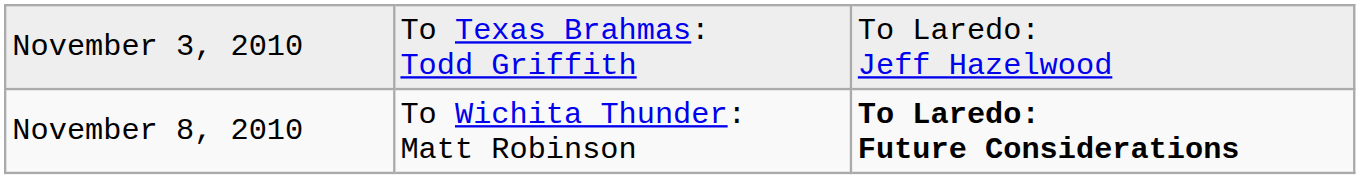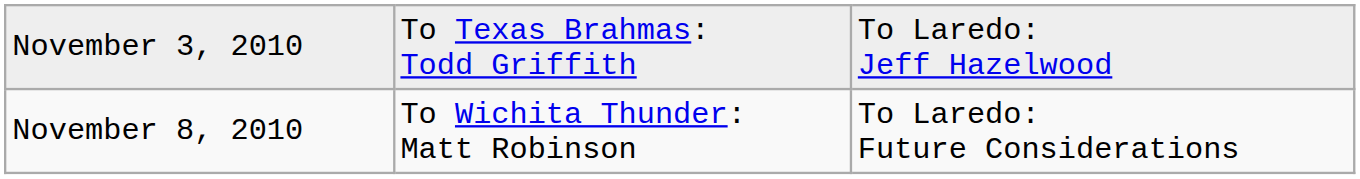 <table class="wikitable" style="border:1px solid #999999; width:580px;">
 <tr bgcolor="eeeeee">
 <td>November 3, 2010</td>
 <td valign="top">To <a href='#'>Texas Brahmas</a>: <br> <a href='#'>Todd Griffith</a></td>
 <td valign="top">To Laredo: <br> <a href='#'>Jeff Hazelwood</a></td>
 </tr>
 <tr>
 <td>November 8, 2010</td>
 <td valign="top">To <a href='#'>Wichita Thunder</a>: <br> Matt Robinson</td>
-<td valign="top"><strong>To Laredo: <br> Future Considerations</strong></td>
+<td valign="top">To Laredo: <br> Future Considerations</td>
 </tr>
 </table>
